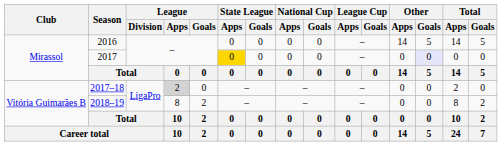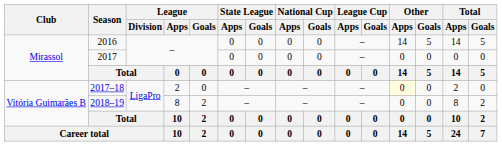 <table class="wikitable" style="text-align: center">
 <tr>
 <th rowspan="2">Club</th>
 <th rowspan="2">Season</th>
 <th colspan="3">League</th>
 <th colspan="2">State League</th>
 <th colspan="2">National Cup</th>
 <th colspan="2">League Cup</th>
 <th colspan="2">Other</th>
 <th colspan="2">Total</th>
 </tr>
 <tr>
 <th>Division</th>
 <th>Apps</th>
 <th>Goals</th>
 <th>Apps</th>
 <th>Goals</th>
 <th>Apps</th>
 <th>Goals</th>
 <th>Apps</th>
 <th>Goals</th>
 <th>Apps</th>
 <th>Goals</th>
 <th>Apps</th>
 <th>Goals</th>
 </tr>
 <tr>
 <td rowspan="3"><a href='#'>Mirassol</a></td>
 <td>2016</td>
 <td rowspan="2" colspan="3">–</td>
 <td>0</td>
 <td>0</td>
 <td>0</td>
 <td>0</td>
 <td colspan="2">–</td>
 <td>14</td>
 <td>5</td>
 <td>14</td>
 <td>5</td>
 </tr>
 <tr>
 <td>2017</td>
-<td style="background: gold;">0</td>
+<td>0</td>
 <td>0</td>
 <td>0</td>
 <td>0</td>
 <td colspan="2">–</td>
 <td>0</td>
-<td style="background: lavender;">0</td>
+<td>0</td>
 <td>0</td>
 <td>0</td>
 </tr>
 <tr>
 <th colspan="2"><strong>Total</strong></th>
 <th>0</th>
 <th>0</th>
 <th>0</th>
 <th>0</th>
 <th>0</th>
 <th>0</th>
 <th>0</th>
 <th>0</th>
 <th>14</th>
 <th>5</th>
 <th>14</th>
 <th>5</th>
 </tr>
 <tr>
 <td rowspan="3"><a href='#'>Vitória Guimarães B</a></td>
 <td><a href='#'>2017–18</a></td>
 <td rowspan="2"><a href='#'>LigaPro</a></td>
-<td style="background: lightgrey;">2</td>
+<td>2</td>
 <td>0</td>
 <td colspan="2">–</td>
 <td colspan="2">–</td>
 <td colspan="2">–</td>
-<td>0</td>
+<td style="background: lightyellow;">0</td>
 <td>0</td>
 <td>2</td>
 <td>0</td>
 </tr>
 <tr>
 <td><a href='#'>2018–19</a></td>
 <td>8</td>
 <td>2</td>
 <td colspan="2">–</td>
 <td colspan="2">–</td>
 <td colspan="2">–</td>
 <td>0</td>
 <td>0</td>
 <td>8</td>
 <td>2</td>
 </tr>
 <tr>
 <th colspan="2"><strong>Total</strong></th>
 <th>10</th>
 <th>2</th>
 <th>0</th>
 <th>0</th>
 <th>0</th>
 <th>0</th>
 <th>0</th>
 <th>0</th>
 <th>0</th>
 <th>0</th>
 <th>10</th>
 <th>2</th>
 </tr>
 <tr>
 <th colspan="3"><strong>Career total</strong></th>
 <th>10</th>
 <th>2</th>
 <th>0</th>
 <th>0</th>
 <th>0</th>
 <th>0</th>
 <th>0</th>
 <th>0</th>
 <th>14</th>
 <th>5</th>
 <th>24</th>
 <th>7</th>
 </tr>
 </table>
